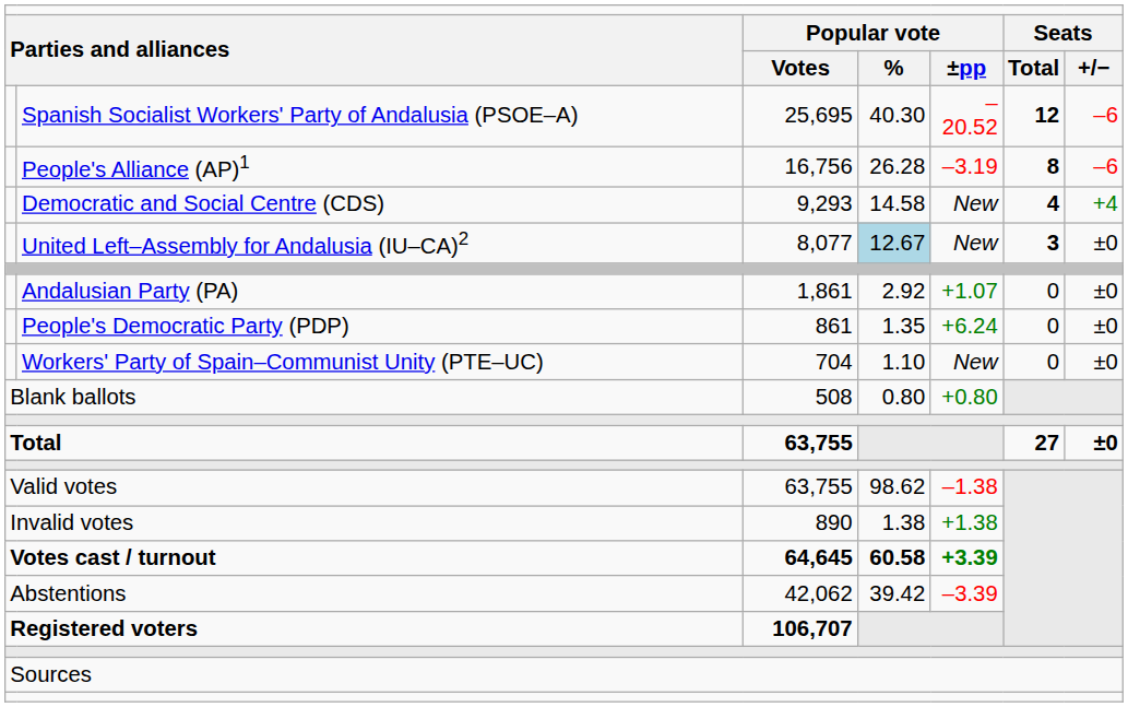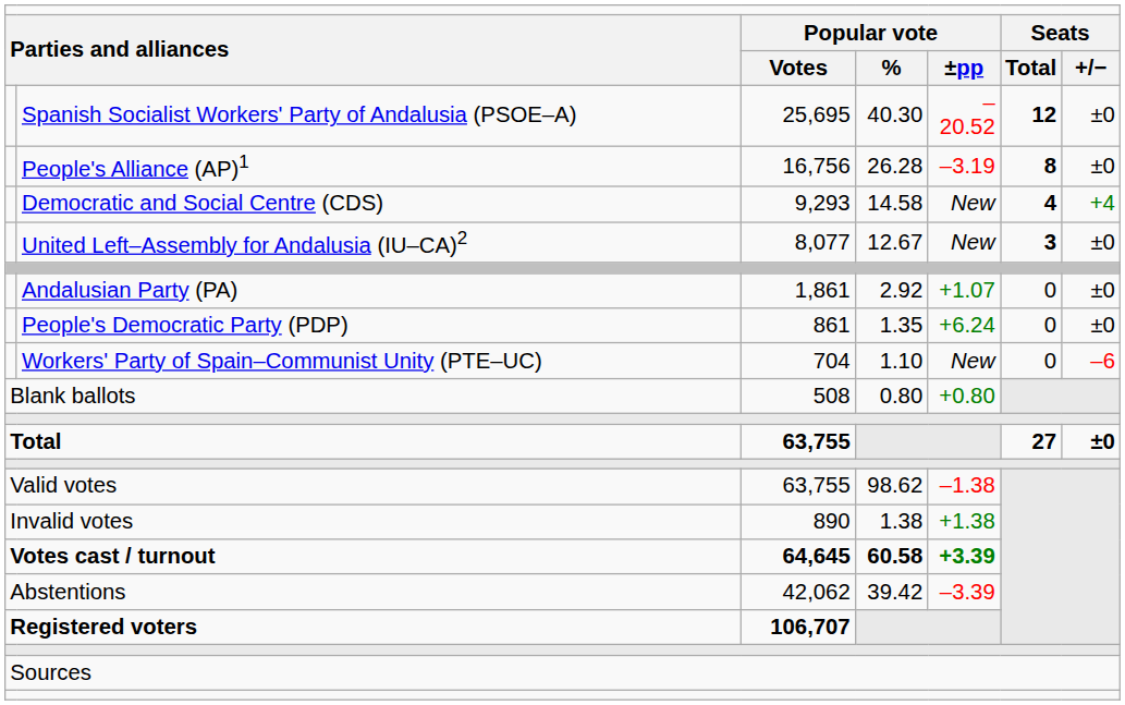 <table class="wikitable" style="text-align:right;">
 <tr>
 <td colspan="7"></td>
 </tr>
 <tr>
 <th style="text-align:left;" rowspan="2" colspan="2" width="525">Parties and alliances</th>
 <th colspan="3">Popular vote</th>
 <th colspan="2">Seats</th>
 </tr>
 <tr>
 <th width="75">Votes</th>
 <th width="45">%</th>
 <th width="45">±<a href='#'>pp</a></th>
 <th width="35">Total</th>
 <th width="35">+/−</th>
 </tr>
 <tr>
 <td width="1" style="color:inherit;background:"></td>
 <td align="left"><a href='#'>Spanish Socialist Workers' Party of Andalusia</a> (PSOE–A)</td>
 <td>25,695</td>
 <td>40.30</td>
 <td style="color:red;">–20.52</td>
 <td><strong>12</strong></td>
-<td style="color:red;">–6</td>
+<td>±0</td>
 </tr>
 <tr>
 <td style="color:inherit;background:"></td>
 <td align="left"><a href='#'>People's Alliance</a> (AP)<sup>1</sup></td>
 <td>16,756</td>
 <td>26.28</td>
 <td style="color:red;">–3.19</td>
 <td><strong>8</strong></td>
-<td style="color:red;">–6</td>
+<td>±0</td>
 </tr>
 <tr>
 <td style="color:inherit;background:"></td>
 <td align="left"><a href='#'>Democratic and Social Centre</a> (CDS)</td>
 <td>9,293</td>
 <td>14.58</td>
 <td><em>New</em></td>
 <td><strong>4</strong></td>
 <td style="color:green;">+4</td>
 </tr>
 <tr>
 <td style="color:inherit;background:"></td>
 <td align="left"><a href='#'>United Left–Assembly for Andalusia</a> (IU–CA)<sup>2</sup></td>
 <td>8,077</td>
-<td style="background: lightblue;">12.67</td>
+<td>12.67</td>
 <td><em>New</em></td>
 <td><strong>3</strong></td>
 <td>±0</td>
 </tr>
 <tr>
 <td colspan="7" bgcolor="#C0C0C0"></td>
 </tr>
 <tr>
 <td style="color:inherit;background:"></td>
 <td align="left"><a href='#'>Andalusian Party</a> (PA)</td>
 <td>1,861</td>
 <td>2.92</td>
 <td style="color:green;">+1.07</td>
 <td>0</td>
 <td>±0</td>
 </tr>
 <tr>
 <td style="color:inherit;background:"></td>
 <td align="left"><a href='#'>People's Democratic Party</a> (PDP)</td>
 <td>861</td>
 <td>1.35</td>
 <td style="color:green;">+6.24</td>
 <td>0</td>
 <td>±0</td>
 </tr>
 <tr>
 <td style="color:inherit;background:"></td>
 <td align="left"><a href='#'>Workers' Party of Spain–Communist Unity</a> (PTE–UC)</td>
 <td>704</td>
 <td>1.10</td>
 <td><em>New</em></td>
 <td>0</td>
-<td>±0</td>
+<td style="color:red;">–6</td>
 </tr>
 <tr>
 <td align="left" colspan="2">Blank ballots</td>
 <td>508</td>
 <td>0.80</td>
 <td style="color:green;">+0.80</td>
 <td bgcolor="#E9E9E9" colspan="2"></td>
 </tr>
 <tr>
 <td colspan="7" bgcolor="#E9E9E9"></td>
 </tr>
 <tr style="font-weight:bold;">
 <td align="left" colspan="2">Total</td>
 <td>63,755</td>
 <td bgcolor="#E9E9E9" colspan="2"></td>
 <td>27</td>
 <td>±0</td>
 </tr>
 <tr>
 <td colspan="7" bgcolor="#E9E9E9"></td>
 </tr>
 <tr>
 <td align="left" colspan="2">Valid votes</td>
 <td>63,755</td>
 <td>98.62</td>
 <td style="color:red;">–1.38</td>
 <td bgcolor="#E9E9E9" colspan="2" rowspan="5"></td>
 </tr>
 <tr>
 <td align="left" colspan="2">Invalid votes</td>
 <td>890</td>
 <td>1.38</td>
 <td style="color:green;">+1.38</td>
 </tr>
 <tr style="font-weight:bold;">
 <td align="left" colspan="2">Votes cast / turnout</td>
 <td>64,645</td>
 <td>60.58</td>
 <td style="color:green;">+3.39</td>
 </tr>
 <tr>
 <td align="left" colspan="2">Abstentions</td>
 <td>42,062</td>
 <td>39.42</td>
 <td style="color:red;">–3.39</td>
 </tr>
 <tr style="font-weight:bold;">
 <td align="left" colspan="2">Registered voters</td>
 <td>106,707</td>
 <td bgcolor="#E9E9E9" colspan="2"></td>
 </tr>
 <tr>
 <td colspan="7" bgcolor="#E9E9E9"></td>
 </tr>
 <tr>
 <td align="left" colspan="7">Sources</td>
 </tr>
 <tr>
 <td colspan="7" style="text-align:left; max-width:790px;"></td>
 </tr>
 </table>
